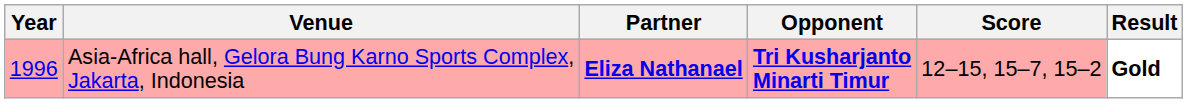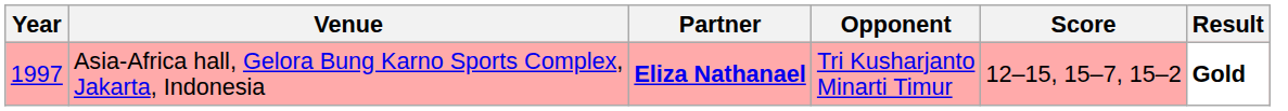 <table class="sortable wikitable" style="font-size: 90%">
 <tr>
 <th>Year</th>
 <th>Venue</th>
 <th>Partner</th>
 <th>Opponent</th>
 <th>Score</th>
 <th>Result</th>
 </tr>
 <tr style="background:#FFAAAA">
-<td align="center"><a href='#'>1996</a></td>
+<td align="center"><a href='#'>1997</a></td>
 <td align="left">Asia-Africa hall, <a href='#'>Gelora Bung Karno Sports Complex</a>,<br> <a href='#'>Jakarta</a>, Indonesia</td>
 <td align="left"><strong> <a href='#'>Eliza Nathanael</a></strong></td>
-<td align="left"><strong> <a href='#'>Tri Kusharjanto</a> <br>  <a href='#'>Minarti Timur</a></strong></td>
+<td align="left"> <a href='#'>Tri Kusharjanto</a> <br>  <a href='#'>Minarti Timur</a></td>
 <td align="left">12–15, 15–7, 15–2</td>
 <td style="text-align:left; background:white"> <strong>Gold</strong></td>
 </tr>
 </table>
